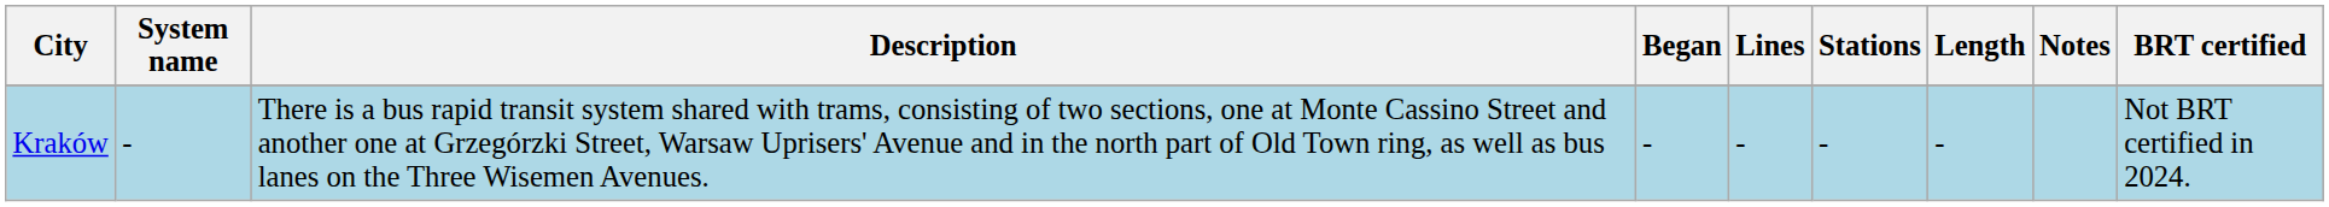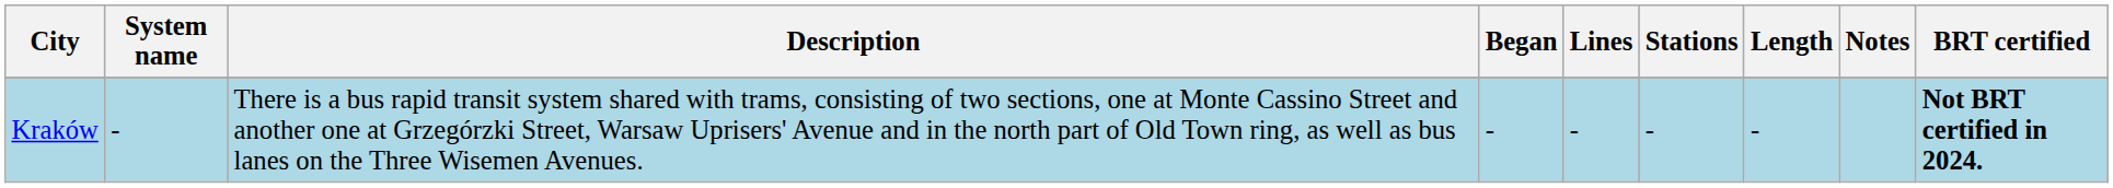 <table class="wikitable">
 <tr>
 <th>City</th>
 <th>System name</th>
 <th>Description</th>
 <th>Began</th>
 <th>Lines</th>
 <th>Stations</th>
 <th>Length</th>
 <th>Notes</th>
 <th>BRT certified</th>
 </tr>
 <tr>
 </tr>
 <tr style="background:lightblue;">
 <td><a href='#'>Kraków</a></td>
 <td>-</td>
 <td>There is a bus rapid transit system shared with trams, consisting of two sections, one at Monte Cassino Street and another one at Grzegórzki Street, Warsaw Uprisers' Avenue and in the north part of Old Town ring, as well as bus lanes on the Three Wisemen Avenues.</td>
 <td>-</td>
 <td>-</td>
 <td>-</td>
 <td>-</td>
 <td></td>
-<td>Not BRT certified in 2024.</td>
+<td><strong>Not BRT certified in 2024.</strong></td>
 </tr>
 </table>
